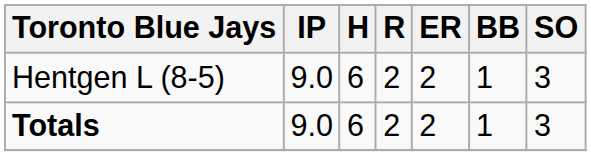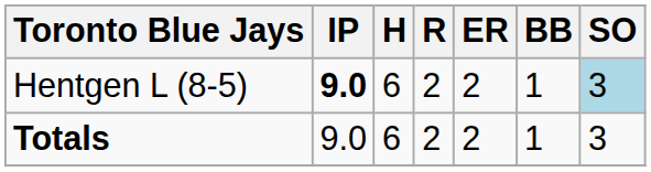 <table class="wikitable sortable">
 <tr>
 <th>Toronto Blue Jays</th>
 <th>IP</th>
 <th>H</th>
 <th>R</th>
 <th>ER</th>
 <th>BB</th>
 <th>SO</th>
 </tr>
 <tr>
 <td>Hentgen L (8-5)</td>
-<td>9.0</td>
+<td><strong>9.0</strong></td>
 <td>6</td>
 <td>2</td>
 <td>2</td>
 <td>1</td>
-<td>3</td>
+<td style="background: lightblue;">3</td>
 </tr>
 <tr>
 <td><strong>Totals</strong></td>
 <td>9.0</td>
 <td>6</td>
 <td>2</td>
 <td>2</td>
 <td>1</td>
 <td>3</td>
 </tr>
 <tr>
 </tr>
 </table>
